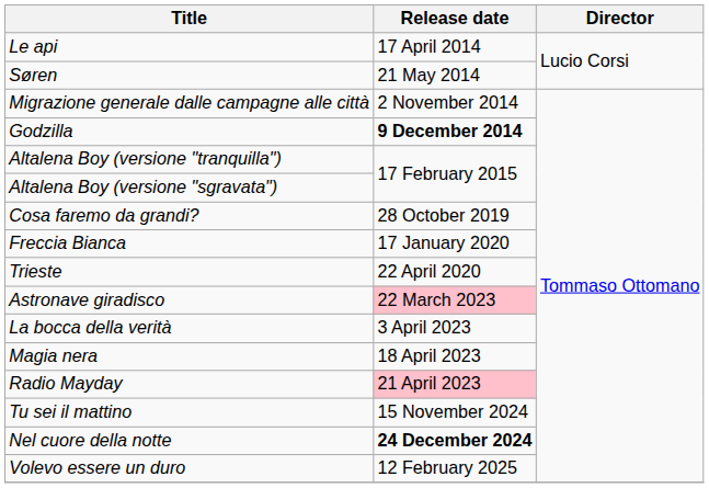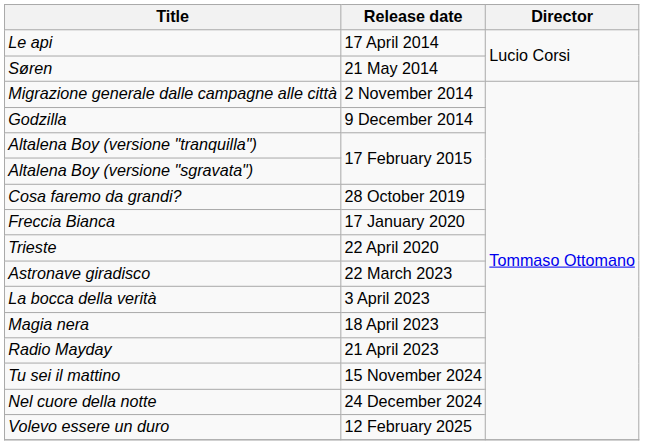 <table class="wikitable plainrowheaders">
 <tr>
 <th scope="col">Title</th>
 <th scope="col">Release date</th>
 <th scope="col">Director</th>
 </tr>
 <tr>
 <td><em>Le api</em></td>
 <td>17 April 2014</td>
 <td rowspan="2">Lucio Corsi</td>
 </tr>
 <tr>
 <td><em>Søren</em></td>
 <td>21 May 2014</td>
 </tr>
 <tr>
 <td><em>Migrazione generale dalle campagne alle città</em></td>
 <td>2 November 2014</td>
 <td rowspan="14"><a href='#'>Tommaso Ottomano</a></td>
 </tr>
 <tr>
 <td><em>Godzilla</em></td>
-<td><strong>9 December 2014</strong></td>
+<td>9 December 2014</td>
 </tr>
 <tr>
 <td><em>Altalena Boy (versione "tranquilla")</em></td>
 <td rowspan="2">17 February 2015</td>
 </tr>
 <tr>
 <td><em>Altalena Boy (versione "sgravata")</em></td>
 </tr>
 <tr>
 <td><em>Cosa faremo da grandi?</em></td>
 <td>28 October 2019</td>
 </tr>
 <tr>
 <td><em>Freccia Bianca</em></td>
 <td>17 January 2020</td>
 </tr>
 <tr>
 <td><em>Trieste</em></td>
 <td>22 April 2020</td>
 </tr>
 <tr>
 <td><em>Astronave giradisco</em></td>
-<td style="background: pink;">22 March 2023</td>
+<td>22 March 2023</td>
 </tr>
 <tr>
 <td><em>La bocca della verità</em></td>
 <td>3 April 2023</td>
 </tr>
 <tr>
 <td><em>Magia nera</em></td>
 <td>18 April 2023</td>
 </tr>
 <tr>
 <td><em>Radio Mayday</em></td>
-<td style="background: pink;">21 April 2023</td>
+<td>21 April 2023</td>
 </tr>
 <tr>
 <td><em>Tu sei il mattino</em></td>
 <td>15 November 2024</td>
 </tr>
 <tr>
 <td><em>Nel cuore della notte</em></td>
-<td><strong>24 December 2024</strong></td>
+<td>24 December 2024</td>
 </tr>
 <tr>
 <td><em>Volevo essere un duro</em></td>
 <td>12 February 2025</td>
 </tr>
 <tr>
 </tr>
 </table>
